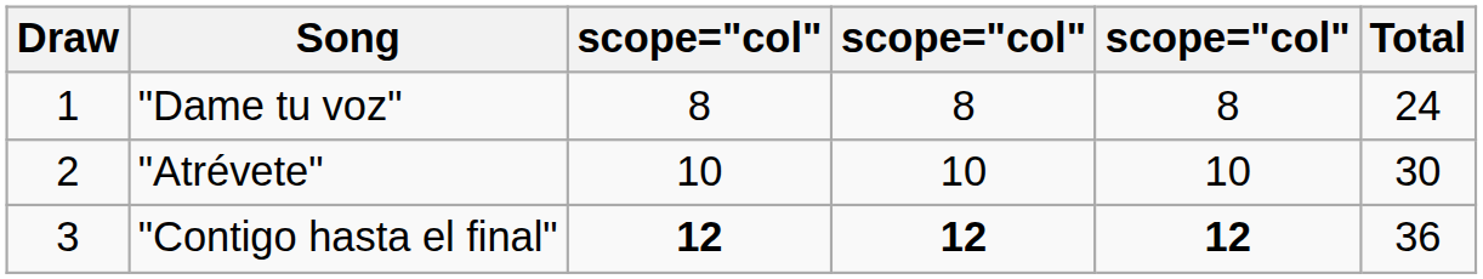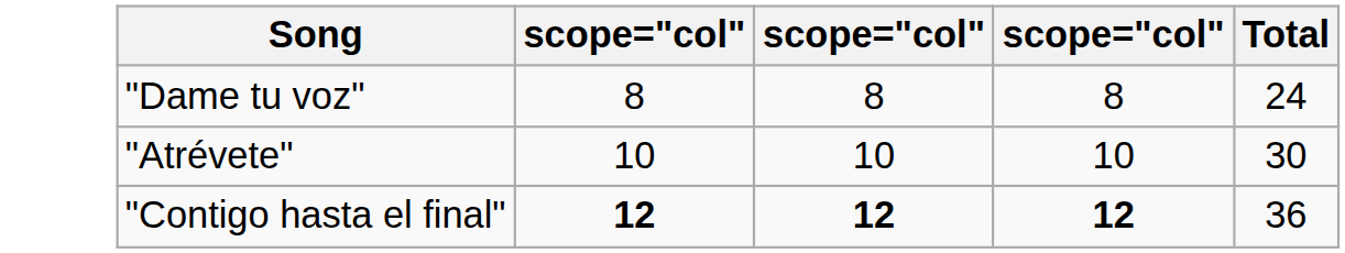 <table class="wikitable collapsible" style="float:right; margin:10px; text-align:center;">
 <tr>
-<th scope="col">Draw</th>
 <th scope="col">Song</th>
 <th>scope="col" </th>
 <th>scope="col" </th>
 <th>scope="col" </th>
 <th scope="col">Total</th>
 </tr>
 <tr>
-<td>1</td>
 <td align="left">"Dame tu voz"</td>
 <td>8</td>
 <td>8</td>
 <td>8</td>
 <td>24</td>
 </tr>
 <tr>
-<td>2</td>
 <td align="left">"Atrévete"</td>
 <td>10</td>
 <td>10</td>
 <td>10</td>
 <td>30</td>
 </tr>
 <tr>
-<td>3</td>
 <td align="left">"Contigo hasta el final"</td>
 <td><strong>12</strong></td>
 <td><strong>12</strong></td>
 <td><strong>12</strong></td>
 <td>36</td>
 </tr>
 </table>
